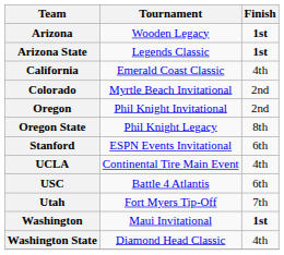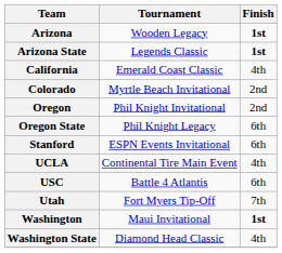 <table class="wikitable">
 <tr>
 <th>Team</th>
 <th>Tournament</th>
 <th>Finish</th>
 </tr>
 <tr style="text-align:center;">
 <th>Arizona</th>
 <td><a href='#'>Wooden Legacy</a></td>
 <td><strong>1st</strong></td>
 </tr>
 <tr style="text-align:center;">
 <th>Arizona State</th>
 <td><a href='#'>Legends Classic</a></td>
 <td><strong>1st</strong></td>
 </tr>
 <tr style="text-align:center;">
 <th>California</th>
 <td><a href='#'>Emerald Coast Classic</a></td>
 <td>4th</td>
 </tr>
 <tr style="text-align:center;">
 <th>Colorado</th>
 <td><a href='#'>Myrtle Beach Invitational</a></td>
 <td>2nd</td>
 </tr>
 <tr style="text-align:center;">
 <th>Oregon</th>
 <td><a href='#'>Phil Knight Invitational</a></td>
 <td>2nd</td>
 </tr>
 <tr style="text-align:center;">
 <th>Oregon State</th>
 <td><a href='#'>Phil Knight Legacy</a></td>
-<td>8th</td>
+<td>6th</td>
 </tr>
 <tr style="text-align:center;">
 <th>Stanford</th>
 <td><a href='#'>ESPN Events Invitational</a></td>
 <td>6th</td>
 </tr>
 <tr style="text-align:center;">
 <th>UCLA</th>
 <td><a href='#'>Continental Tire Main Event</a></td>
 <td>4th</td>
 </tr>
 <tr style="text-align:center;">
 <th>USC</th>
 <td><a href='#'>Battle 4 Atlantis</a></td>
 <td>6th</td>
 </tr>
 <tr style="text-align:center;">
 <th>Utah</th>
 <td><a href='#'>Fort Myers Tip-Off</a></td>
 <td>7th</td>
 </tr>
 <tr style="text-align:center;">
 <th>Washington</th>
 <td><a href='#'>Maui Invitational</a></td>
 <td><strong>1st</strong></td>
 </tr>
 <tr style="text-align:center;">
 <th>Washington State</th>
 <td><a href='#'>Diamond Head Classic</a></td>
 <td>4th</td>
 </tr>
 <tr>
 </tr>
 </table>
